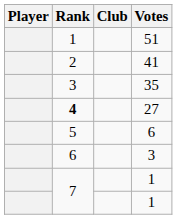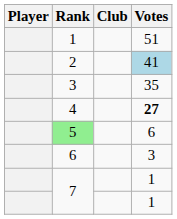 <table class="wikitable plainrowheaders sortable" style="text-align:center">
 <tr>
 <th scope="col">Player</th>
 <th scope="col">Rank</th>
 <th scope="col">Club</th>
 <th scope="col">Votes</th>
 </tr>
 <tr>
 <th scope="row"></th>
 <td>1</td>
 <td></td>
 <td>51</td>
 </tr>
 <tr>
 <th scope="row"></th>
 <td>2</td>
 <td></td>
-<td>41</td>
+<td style="background: lightblue;">41</td>
 </tr>
 <tr>
 <th scope="row"></th>
 <td>3</td>
 <td></td>
 <td>35</td>
 </tr>
 <tr>
 <th scope="row"></th>
-<td><strong>4</strong></td>
+<td>4</td>
 <td></td>
-<td>27</td>
+<td><strong>27</strong></td>
 </tr>
 <tr>
 <th scope="row"></th>
-<td>5</td>
+<td style="background: lightgreen;">5</td>
 <td></td>
 <td>6</td>
 </tr>
 <tr>
 <th scope="row"></th>
 <td>6</td>
 <td></td>
 <td>3</td>
 </tr>
 <tr>
 <th scope="row"></th>
 <td rowspan="2">7</td>
 <td></td>
 <td>1</td>
 </tr>
 <tr>
 <th scope="row"></th>
 <td></td>
 <td>1</td>
 </tr>
 </table>
